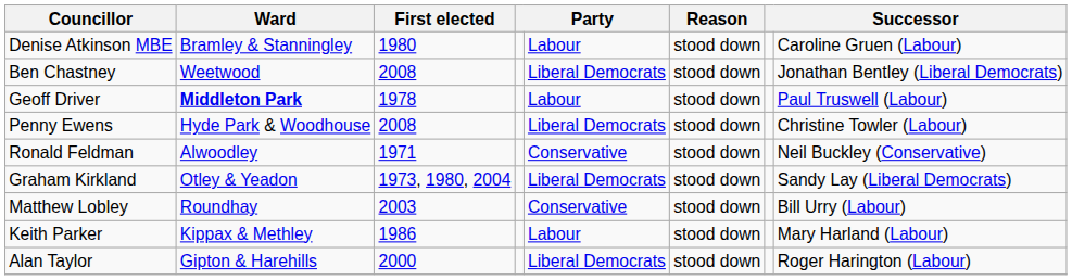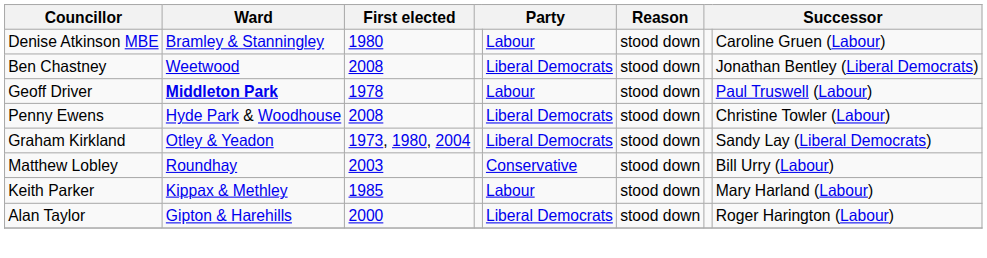 <table class="wikitable sortable" style="font-size:95%;">
 <tr>
 <th scope="col">Councillor</th>
 <th scope="col">Ward</th>
 <th scope="col">First elected</th>
 <th colspan="2" scope="col">Party</th>
 <th scope="col">Reason</th>
 <th colspan="2" scope="col">Successor</th>
 </tr>
 <tr>
 <td>Denise Atkinson <a href='#'>MBE</a></td>
 <td><a href='#'>Bramley & Stanningley</a></td>
 <td><a href='#'>1980</a></td>
 <td width="1" style="color:inherit;background:"></td>
 <td><a href='#'>Labour</a></td>
 <td>stood down</td>
 <td width="1" style="color:inherit;background:"></td>
 <td>Caroline Gruen (<a href='#'>Labour</a>)</td>
 </tr>
 <tr>
 <td>Ben Chastney</td>
 <td><a href='#'>Weetwood</a></td>
 <td><a href='#'>2008</a></td>
 <td width="1" style="color:inherit;background:"></td>
 <td><a href='#'>Liberal Democrats</a></td>
 <td>stood down</td>
 <td width="1" style="color:inherit;background:"></td>
 <td>Jonathan Bentley (<a href='#'>Liberal Democrats</a>)</td>
 </tr>
 <tr>
 <td>Geoff Driver</td>
 <td><strong><a href='#'>Middleton Park</a></strong></td>
 <td><a href='#'>1978</a></td>
 <td width="1" style="color:inherit;background:"></td>
 <td><a href='#'>Labour</a></td>
 <td>stood down</td>
 <td width="1" style="color:inherit;background:"></td>
 <td><a href='#'>Paul Truswell</a> (<a href='#'>Labour</a>)</td>
 </tr>
 <tr>
 <td>Penny Ewens</td>
 <td><a href='#'>Hyde Park</a> & <a href='#'>Woodhouse</a></td>
 <td><a href='#'>2008</a></td>
 <td width="1" style="color:inherit;background:"></td>
 <td><a href='#'>Liberal Democrats</a></td>
 <td>stood down</td>
 <td width="1" style="color:inherit;background:"></td>
 <td>Christine Towler (<a href='#'>Labour</a>)</td>
 </tr>
 <tr>
-<td>Ronald Feldman</td>
-<td><a href='#'>Alwoodley</a></td>
-<td><a href='#'>1971</a></td>
-<td width="1" style="color:inherit;background:"></td>
-<td><a href='#'>Conservative</a></td>
-<td>stood down</td>
-<td width="1" style="color:inherit;background:"></td>
-<td>Neil Buckley (<a href='#'>Conservative</a>)</td>
-</tr>
-<tr>
 <td>Graham Kirkland</td>
 <td><a href='#'>Otley & Yeadon</a></td>
 <td><a href='#'>1973</a>, <a href='#'>1980</a>, <a href='#'>2004</a></td>
 <td width="1" style="color:inherit;background:"></td>
 <td><a href='#'>Liberal Democrats</a></td>
 <td>stood down</td>
 <td width="1" style="color:inherit;background:"></td>
 <td>Sandy Lay (<a href='#'>Liberal Democrats</a>)</td>
 </tr>
 <tr>
 <td>Matthew Lobley</td>
 <td><a href='#'>Roundhay</a></td>
 <td><a href='#'>2003</a></td>
 <td width="1" style="color:inherit;background:"></td>
 <td><a href='#'>Conservative</a></td>
 <td>stood down</td>
 <td width="1" style="color:inherit;background:"></td>
 <td>Bill Urry (<a href='#'>Labour</a>)</td>
 </tr>
 <tr>
 <td>Keith Parker</td>
 <td><a href='#'>Kippax & Methley</a></td>
-<td><a href='#'>1986</a></td>
+<td><a href='#'>1985</a></td>
 <td width="1" style="color:inherit;background:"></td>
 <td><a href='#'>Labour</a></td>
 <td>stood down</td>
 <td width="1" style="color:inherit;background:"></td>
 <td>Mary Harland (<a href='#'>Labour</a>)</td>
 </tr>
 <tr>
 <td>Alan Taylor</td>
 <td><a href='#'>Gipton & Harehills</a></td>
 <td><a href='#'>2000</a></td>
 <td width="1" style="color:inherit;background:"></td>
 <td><a href='#'>Liberal Democrats</a></td>
 <td>stood down</td>
 <td width="1" style="color:inherit;background:"></td>
 <td>Roger Harington (<a href='#'>Labour</a>)</td>
 </tr>
 <tr>
 </tr>
 </table>
